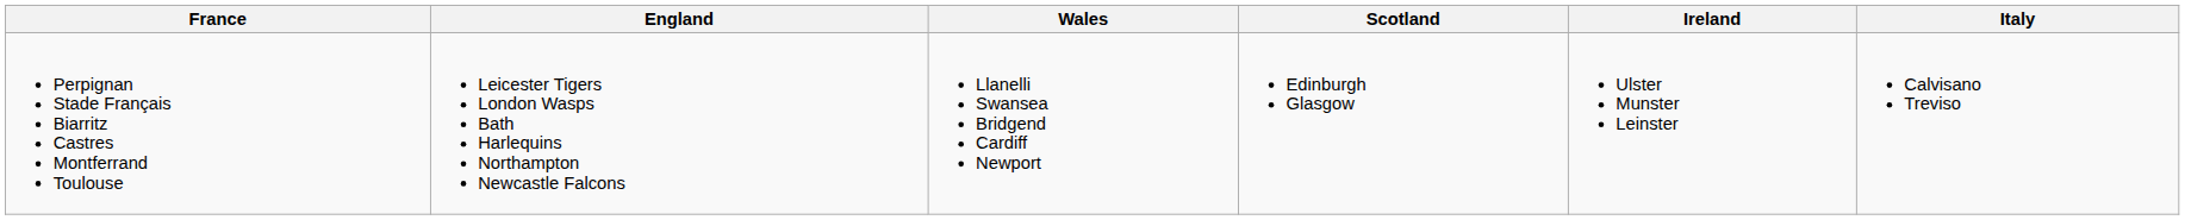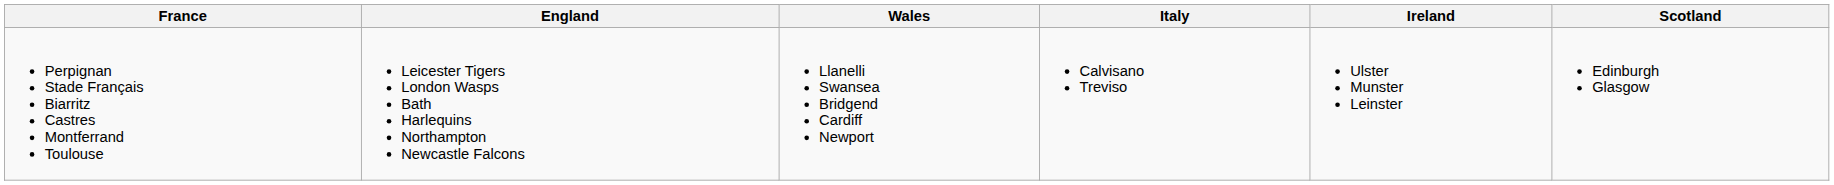 <table class="wikitable" width=100%>
 <tr>
 <th> France</th>
 <th> England</th>
 <th> Wales</th>
+<th> Italy</th>
+<th> Ireland</th>
 <th> Scotland</th>
-<th> Ireland</th>
-<th> Italy</th>
 </tr>
 <tr valign=top>
 <td><br><ul><li>Perpignan</li><li>Stade Français</li><li>Biarritz</li><li>Castres</li><li>Montferrand</li><li>Toulouse</li></ul></td>
 <td><br><ul><li>Leicester Tigers</li><li>London Wasps</li><li>Bath</li><li>Harlequins</li><li>Northampton</li><li>Newcastle Falcons</li></ul></td>
 <td><br><ul><li>Llanelli</li><li>Swansea</li><li>Bridgend</li><li>Cardiff</li><li>Newport</li></ul></td>
+<td><br><ul><li>Calvisano</li><li>Treviso</li></ul></td>
+<td><br><ul><li>Ulster</li><li>Munster</li><li>Leinster</li></ul></td>
 <td><br><ul><li>Edinburgh</li><li>Glasgow</li></ul></td>
-<td><br><ul><li>Ulster</li><li>Munster</li><li>Leinster</li></ul></td>
-<td><br><ul><li>Calvisano</li><li>Treviso</li></ul></td>
 </tr>
 </table>
